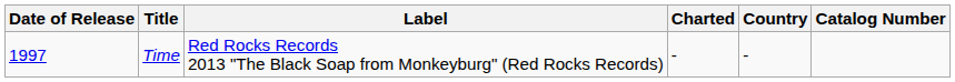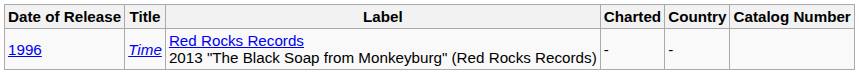 <table class="wikitable" style="font-size: 95%;">
 <tr>
 <th>Date of Release</th>
 <th>Title</th>
 <th>Label</th>
 <th>Charted</th>
 <th>Country</th>
 <th>Catalog Number</th>
 </tr>
 <tr>
-<td><a href='#'>1997</a></td>
+<td><a href='#'>1996</a></td>
 <td><em><a href='#'>Time</a></em></td>
 <td><a href='#'>Red Rocks Records</a><br>2013 "The Black Soap from Monkeyburg" (Red Rocks Records)</td>
 <td>-</td>
 <td>-</td>
 <td></td>
 </tr>
 <tr>
 </tr>
 </table>
